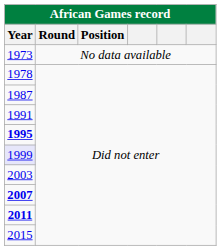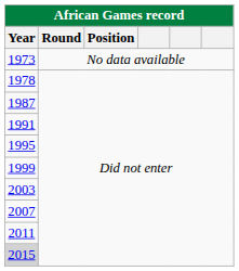 <table class="wikitable" style="text-align:center;">
 <tr>
 <th colspan="6" style="background:#008040; color:white;">African Games record</th>
 </tr>
 <tr>
 <th>Year</th>
 <th>Round</th>
 <th>Position</th>
 <th width="30"></th>
 <th width="30"></th>
 <th width="30"></th>
 </tr>
 <tr>
 <td> <a href='#'>1973</a></td>
 <td colspan="5"><em>No data available</em></td>
 </tr>
 <tr>
 <td> <a href='#'>1978</a></td>
 <td colspan="5" rowspan="9"><em>Did not enter</em></td>
 </tr>
 <tr>
 <td> <a href='#'>1987</a></td>
 </tr>
 <tr>
 <td> <a href='#'>1991</a></td>
 </tr>
 <tr>
-<td><strong> <a href='#'>1995</a></strong></td>
+<td> <a href='#'>1995</a></td>
 </tr>
 <tr>
-<td style="background: lavender;"> <a href='#'>1999</a></td>
+<td> <a href='#'>1999</a></td>
 </tr>
 <tr>
 <td> <a href='#'>2003</a></td>
 </tr>
 <tr>
-<td><strong> <a href='#'>2007</a></strong></td>
+<td> <a href='#'>2007</a></td>
 </tr>
 <tr>
-<td><strong> <a href='#'>2011</a></strong></td>
+<td> <a href='#'>2011</a></td>
 </tr>
 <tr>
-<td> <a href='#'>2015</a></td>
+<td style="background: lightgrey;"> <a href='#'>2015</a></td>
 </tr>
 </table>
